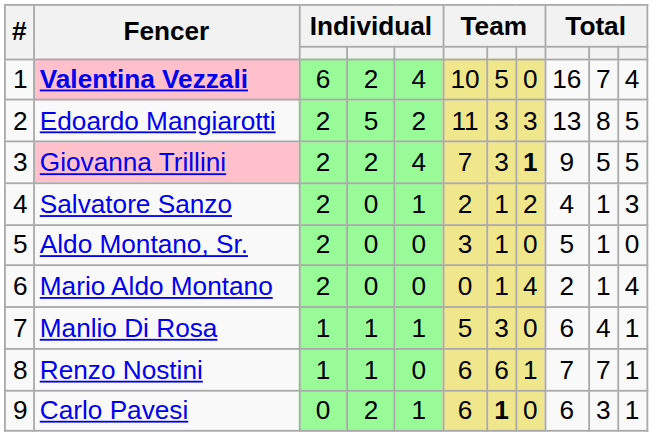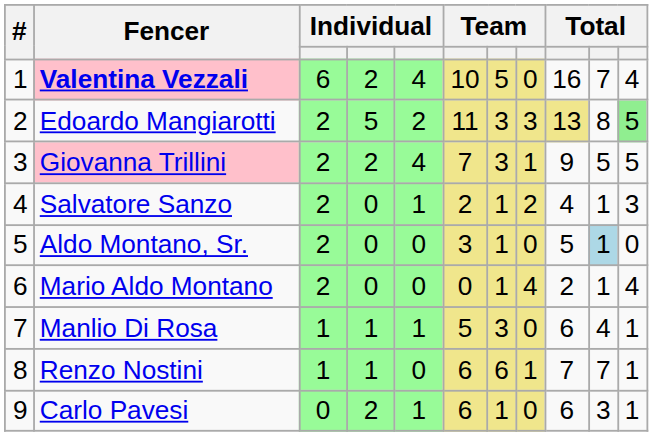 <table class="wikitable" width=40% style="font-size:90%; text-align:center;">
 <tr>
 <th rowspan=2>#</th>
 <th rowspan=2>Fencer</th>
 <th colspan=3>Individual</th>
 <th colspan=3>Team</th>
 <th colspan=3>Total</th>
 </tr>
 <tr>
 <th></th>
 <th></th>
 <th></th>
 <th></th>
 <th></th>
 <th></th>
 <th></th>
 <th></th>
 <th></th>
 </tr>
 <tr>
 <td align=right>1</td>
 <td bgcolor=pink align=left><strong><a href='#'>Valentina Vezzali</a></strong></td>
 <td bgcolor=PaleGreen>6</td>
 <td bgcolor=PaleGreen>2</td>
 <td bgcolor=PaleGreen>4</td>
 <td bgcolor=Khaki>10</td>
 <td bgcolor=Khaki>5</td>
 <td bgcolor=Khaki>0</td>
 <td>16</td>
 <td>7</td>
 <td>4</td>
 </tr>
 <tr>
 <td align=right>2</td>
 <td align=left><a href='#'>Edoardo Mangiarotti</a></td>
 <td bgcolor=PaleGreen>2</td>
 <td bgcolor=PaleGreen>5</td>
 <td bgcolor=PaleGreen>2</td>
 <td bgcolor=Khaki>11</td>
 <td bgcolor=Khaki>3</td>
 <td bgcolor=Khaki>3</td>
-<td>13</td>
+<td style="background: khaki;">13</td>
 <td>8</td>
-<td>5</td>
+<td style="background: lightgreen;">5</td>
 </tr>
 <tr>
 <td align=right>3</td>
 <td bgcolor=pink align=left><a href='#'>Giovanna Trillini</a></td>
 <td bgcolor=PaleGreen>2</td>
 <td bgcolor=PaleGreen>2</td>
 <td bgcolor=PaleGreen>4</td>
 <td bgcolor=Khaki>7</td>
 <td bgcolor=Khaki>3</td>
-<td bgcolor=Khaki><strong>1</strong></td>
+<td bgcolor=Khaki>1</td>
 <td>9</td>
 <td>5</td>
 <td>5</td>
 </tr>
 <tr>
 <td align=right>4</td>
 <td align=left><a href='#'>Salvatore Sanzo</a></td>
 <td bgcolor=PaleGreen>2</td>
 <td bgcolor=PaleGreen>0</td>
 <td bgcolor=PaleGreen>1</td>
 <td bgcolor=Khaki>2</td>
 <td bgcolor=Khaki>1</td>
 <td bgcolor=Khaki>2</td>
 <td>4</td>
 <td>1</td>
 <td>3</td>
 </tr>
 <tr>
 <td align=right>5</td>
 <td align=left><a href='#'>Aldo Montano, Sr.</a></td>
 <td bgcolor=PaleGreen>2</td>
 <td bgcolor=PaleGreen>0</td>
 <td bgcolor=PaleGreen>0</td>
 <td bgcolor=Khaki>3</td>
 <td bgcolor=Khaki>1</td>
 <td bgcolor=Khaki>0</td>
 <td>5</td>
-<td>1</td>
+<td style="background: lightblue;">1</td>
 <td>0</td>
 </tr>
 <tr>
 <td align=right>6</td>
 <td align=left><a href='#'>Mario Aldo Montano</a></td>
 <td bgcolor=PaleGreen>2</td>
 <td bgcolor=PaleGreen>0</td>
 <td bgcolor=PaleGreen>0</td>
 <td bgcolor=Khaki>0</td>
 <td bgcolor=Khaki>1</td>
 <td bgcolor=Khaki>4</td>
 <td>2</td>
 <td>1</td>
 <td>4</td>
 </tr>
 <tr>
 <td align=right>7</td>
 <td align=left><a href='#'>Manlio Di Rosa</a></td>
 <td bgcolor=PaleGreen>1</td>
 <td bgcolor=PaleGreen>1</td>
 <td bgcolor=PaleGreen>1</td>
 <td bgcolor=Khaki>5</td>
 <td bgcolor=Khaki>3</td>
 <td bgcolor=Khaki>0</td>
 <td>6</td>
 <td>4</td>
 <td>1</td>
 </tr>
 <tr>
 <td align=right>8</td>
 <td align=left><a href='#'>Renzo Nostini</a></td>
 <td bgcolor=PaleGreen>1</td>
 <td bgcolor=PaleGreen>1</td>
 <td bgcolor=PaleGreen>0</td>
 <td bgcolor=Khaki>6</td>
 <td bgcolor=Khaki>6</td>
 <td bgcolor=Khaki>1</td>
 <td>7</td>
 <td>7</td>
 <td>1</td>
 </tr>
 <tr>
 <td align=right>9</td>
 <td align=left><a href='#'>Carlo Pavesi</a></td>
 <td bgcolor=PaleGreen>0</td>
 <td bgcolor=PaleGreen>2</td>
 <td bgcolor=PaleGreen>1</td>
 <td bgcolor=Khaki>6</td>
-<td bgcolor=Khaki><strong>1</strong></td>
+<td bgcolor=Khaki>1</td>
 <td bgcolor=Khaki>0</td>
 <td>6</td>
 <td>3</td>
 <td>1</td>
 </tr>
 </table>
